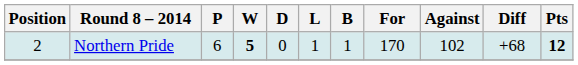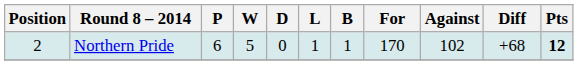 <table class="wikitable" style="text-align:center; font-size:85%;">
 <tr>
 <th width=40 abbr="Position">Position</th>
 <th width=100>Round 8 – 2014</th>
 <th width=20 abbr="Played">P</th>
 <th width=20 abbr="Won">W</th>
 <th width=20 abbr="Drawn">D</th>
 <th width=20 abbr="Lost">L</th>
 <th width=20 abbr="Bye">B</th>
 <th width=40 abbr="Points for">For</th>
 <th width=40 abbr="Points against">Against</th>
 <th width=40 abbr="Points difference">Diff</th>
 <th width=20 abbr="Points">Pts</th>
 </tr>
 <tr style="background: #d7ebed;">
 <td>2</td>
 <td style="text-align:left;"> <a href='#'>Northern Pride</a></td>
 <td>6</td>
-<td><strong>5</strong></td>
+<td>5</td>
 <td>0</td>
 <td>1</td>
 <td>1</td>
 <td>170</td>
 <td>102</td>
 <td>+68</td>
 <td><strong>12</strong></td>
 </tr>
 <tr>
 </tr>
 </table>
